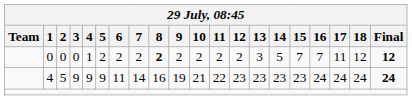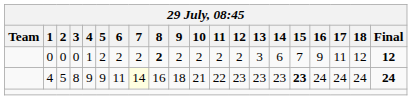 <table class=wikitable style="text-align:center; width: 55%">
 <tr>
 <th colspan=20><em>29 July, 08:45</em></th>
 </tr>
 <tr>
 <th>Team</th>
 <th>1</th>
 <th>2</th>
 <th>3</th>
 <th>4</th>
 <th>5</th>
 <th>6</th>
 <th>7</th>
 <th>8</th>
 <th>9</th>
 <th>10</th>
 <th>11</th>
 <th>12</th>
 <th>13</th>
 <th>14</th>
 <th>15</th>
 <th>16</th>
 <th>17</th>
 <th>18</th>
 <th>Final</th>
 </tr>
 <tr>
 <td align=left></td>
 <td>0</td>
 <td>0</td>
 <td>0</td>
 <td>1</td>
 <td>2</td>
 <td>2</td>
 <td>2</td>
 <td><strong>2</strong></td>
 <td>2</td>
 <td>2</td>
 <td>2</td>
 <td>2</td>
 <td>3</td>
-<td>5</td>
+<td>6</td>
 <td>7</td>
-<td>7</td>
+<td>9</td>
 <td>11</td>
 <td>12</td>
 <td><strong>12</strong></td>
 </tr>
 <tr>
 <td align=left><strong></strong></td>
 <td>4</td>
 <td>5</td>
-<td>9</td>
+<td>8</td>
 <td>9</td>
 <td>9</td>
 <td>11</td>
-<td>14</td>
+<td style="background: lightyellow;">14</td>
 <td>16</td>
-<td>19</td>
+<td>18</td>
 <td>21</td>
 <td>22</td>
 <td>23</td>
 <td>23</td>
 <td>23</td>
-<td>23</td>
+<td><strong>23</strong></td>
 <td>24</td>
 <td>24</td>
 <td>24</td>
 <td><strong>24</strong></td>
 </tr>
 <tr>
 <td colspan=20></td>
 </tr>
 </table>
